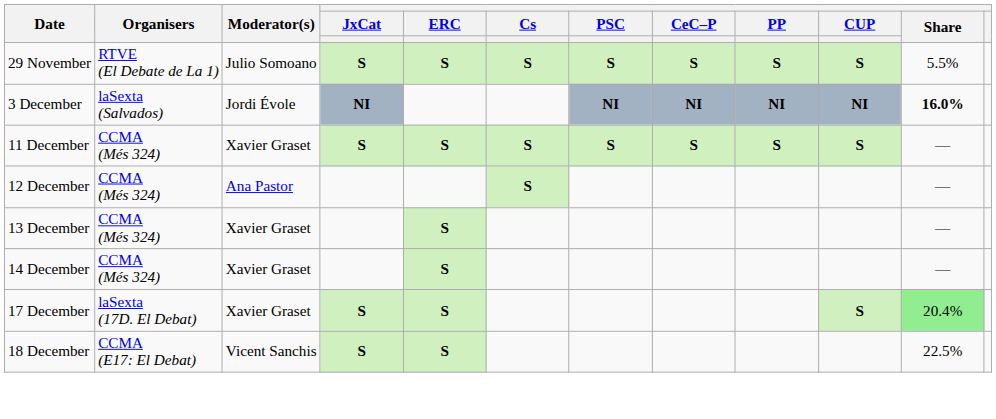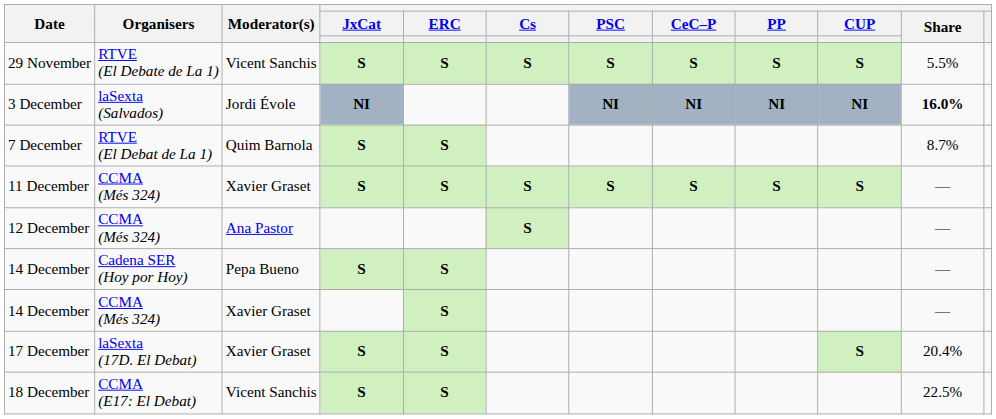 <table class="wikitable" style="text-align:center;">
 <tr>
 <th rowspan="3">Date</th>
 <th rowspan="3">Organisers</th>
 <th rowspan="3">Moderator(s)</th>
 <th colspan="9">      </th>
 </tr>
 <tr>
 <th scope="col" style="width:5em;"><a href='#'>JxCat</a></th>
 <th scope="col" style="width:5em;"><a href='#'>ERC</a></th>
 <th scope="col" style="width:5em;"><a href='#'>Cs</a></th>
 <th scope="col" style="width:5em;"><a href='#'>PSC</a></th>
 <th scope="col" style="width:5em;"><a href='#'>CeC–P</a></th>
 <th scope="col" style="width:5em;"><a href='#'>PP</a></th>
 <th scope="col" style="width:5em;"><a href='#'>CUP</a></th>
 <th rowspan="2" scope="col" style="width:5em;">Share</th>
 <th rowspan="2"></th>
 </tr>
 <tr>
 <th style="color:inherit;background:"></th>
 <th style="color:inherit;background:"></th>
 <th style="color:inherit;background:"></th>
 <th style="color:inherit;background:"></th>
 <th style="color:inherit;background:"></th>
 <th style="color:inherit;background:"></th>
 <th style="color:inherit;background:"></th>
 </tr>
 <tr>
 <td style="white-space:nowrap; text-align:left;">29 November</td>
 <td style="white-space:nowrap; text-align:left;"><a href='#'>RTVE</a><br><em>(El Debate de La 1)</em></td>
-<td style="white-space:nowrap; text-align:left;">Julio Somoano</td>
+<td style="white-space:nowrap; text-align:left;">Vicent Sanchis</td>
 <td style="background:#D0F0C0;"><strong>S</strong><br></td>
 <td style="background:#D0F0C0;"><strong>S</strong><br></td>
 <td style="background:#D0F0C0;"><strong>S</strong><br></td>
 <td style="background:#D0F0C0;"><strong>S</strong><br></td>
 <td style="background:#D0F0C0;"><strong>S</strong><br></td>
 <td style="background:#D0F0C0;"><strong>S</strong><br></td>
 <td style="background:#D0F0C0;"><strong>S</strong><br></td>
 <td>5.5%<br></td>
 <td><br></td>
 </tr>
 <tr>
 <td style="white-space:nowrap; text-align:left;">3 December</td>
 <td style="white-space:nowrap; text-align:left;"><a href='#'>laSexta</a><br><em>(Salvados)</em></td>
 <td style="white-space:nowrap; text-align:left;">Jordi Évole</td>
 <td style="background:#A2B2C2;"><strong>NI</strong></td>
 <td></td>
 <td></td>
 <td style="background:#A2B2C2;"><strong>NI</strong></td>
 <td style="background:#A2B2C2;"><strong>NI</strong></td>
 <td style="background:#A2B2C2;"><strong>NI</strong></td>
 <td style="background:#A2B2C2;"><strong>NI</strong></td>
 <td><strong>16.0%<br></strong></td>
+<td><br></td>
+</tr>
+<tr>
+<td style="white-space:nowrap; text-align:left;">7 December</td>
+<td style="white-space:nowrap; text-align:left;"><a href='#'>RTVE</a><br><em>(El Debat de La 1)</em></td>
+<td style="white-space:nowrap; text-align:left;">Quim Barnola</td>
+<td style="background:#D0F0C0;"><strong>S</strong><br></td>
+<td style="background:#D0F0C0;"><strong>S</strong><br></td>
+<td></td>
+<td></td>
+<td></td>
+<td></td>
+<td></td>
+<td>8.7%<br></td>
 <td><br></td>
 </tr>
 <tr>
 <td style="white-space:nowrap; text-align:left;">11 December</td>
 <td style="white-space:nowrap; text-align:left;"><a href='#'>CCMA</a><br><em>(Més 324)</em></td>
 <td style="white-space:nowrap; text-align:left;">Xavier Graset</td>
 <td style="background:#D0F0C0;"><strong>S</strong><br></td>
 <td style="background:#D0F0C0;"><strong>S</strong><br></td>
 <td style="background:#D0F0C0;"><strong>S</strong><br></td>
 <td style="background:#D0F0C0;"><strong>S</strong><br></td>
 <td style="background:#D0F0C0;"><strong>S</strong><br></td>
 <td style="background:#D0F0C0;"><strong>S</strong><br></td>
 <td style="background:#D0F0C0;"><strong>S</strong><br></td>
 <td>—</td>
 <td></td>
 </tr>
 <tr>
 <td style="white-space:nowrap; text-align:left;">12 December</td>
 <td style="white-space:nowrap; text-align:left;"><a href='#'>CCMA</a><br><em>(Més 324)</em></td>
 <td style="white-space:nowrap; text-align:left;"><a href='#'>Ana Pastor</a></td>
 <td></td>
 <td></td>
 <td style="background:#D0F0C0;"><strong>S</strong><br></td>
 <td></td>
 <td></td>
 <td></td>
 <td></td>
 <td>—</td>
 <td></td>
 </tr>
 <tr>
-<td style="white-space:nowrap; text-align:left;">13 December</td>
-<td style="white-space:nowrap; text-align:left;"><a href='#'>CCMA</a><br><em>(Més 324)</em></td>
-<td style="white-space:nowrap; text-align:left;">Xavier Graset</td>
-<td></td>
+<td style="white-space:nowrap; text-align:left;">14 December</td>
+<td style="white-space:nowrap; text-align:left;"><a href='#'>Cadena SER</a><br><em>(Hoy por Hoy)</em></td>
+<td style="white-space:nowrap; text-align:left;">Pepa Bueno</td>
+<td style="background:#D0F0C0;"><strong>S</strong><br></td>
 <td style="background:#D0F0C0;"><strong>S</strong><br></td>
 <td></td>
 <td></td>
 <td></td>
 <td></td>
 <td></td>
 <td>—</td>
 <td></td>
 </tr>
 <tr>
 <td style="white-space:nowrap; text-align:left;">14 December</td>
 <td style="white-space:nowrap; text-align:left;"><a href='#'>CCMA</a><br><em>(Més 324)</em></td>
 <td style="white-space:nowrap; text-align:left;">Xavier Graset</td>
 <td></td>
 <td style="background:#D0F0C0;"><strong>S</strong><br></td>
 <td></td>
 <td></td>
 <td></td>
 <td></td>
 <td></td>
 <td>—</td>
 <td></td>
 </tr>
 <tr>
 <td style="white-space:nowrap; text-align:left;">17 December</td>
 <td style="white-space:nowrap; text-align:left;"><a href='#'>laSexta</a><br><em>(17D. El Debat)</em></td>
 <td style="white-space:nowrap; text-align:left;">Xavier Graset</td>
 <td style="background:#D0F0C0;"><strong>S</strong><br></td>
 <td style="background:#D0F0C0;"><strong>S</strong><br></td>
 <td></td>
 <td></td>
 <td></td>
 <td></td>
 <td style="background:#D0F0C0;"><strong>S</strong><br></td>
-<td style="background: lightgreen;">20.4%<br></td>
+<td>20.4%<br></td>
 <td><br></td>
 </tr>
 <tr>
 <td style="white-space:nowrap; text-align:left;">18 December</td>
 <td style="white-space:nowrap; text-align:left;"><a href='#'>CCMA</a><br><em>(E17: El Debat)</em></td>
 <td style="white-space:nowrap; text-align:left;">Vicent Sanchis</td>
 <td style="background:#D0F0C0;"><strong>S</strong><br></td>
 <td style="background:#D0F0C0;"><strong>S</strong><br></td>
 <td></td>
 <td></td>
 <td></td>
 <td></td>
 <td></td>
 <td>22.5%<br></td>
 <td><br></td>
 </tr>
 </table>
